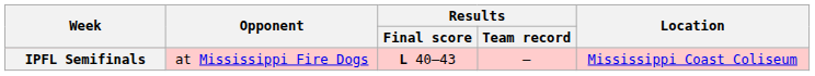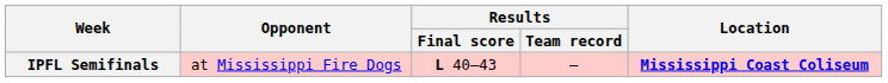 <table class="wikitable">
 <tr>
 <th rowspan="2" width="150">Week</th>
 <th rowspan="2" width="200">Opponent</th>
 <th colspan="2" width="180">Results</th>
 <th rowspan="2" width="220">Location</th>
 </tr>
 <tr>
 <th width="90">Final score</th>
 <th width="90">Team record</th>
 </tr>
 <tr align="center" bgcolor="#FFCCCC">
 <th>IPFL Semifinals</th>
 <td align="center">at <a href='#'>Mississippi Fire Dogs</a></td>
 <td align="center"><strong>L</strong> 40–43</td>
 <td align="center">–</td>
-<td align="center"><a href='#'>Mississippi Coast Coliseum</a></td>
+<td align="center"><strong><a href='#'>Mississippi Coast Coliseum</a></strong></td>
 </tr>
 </table>
